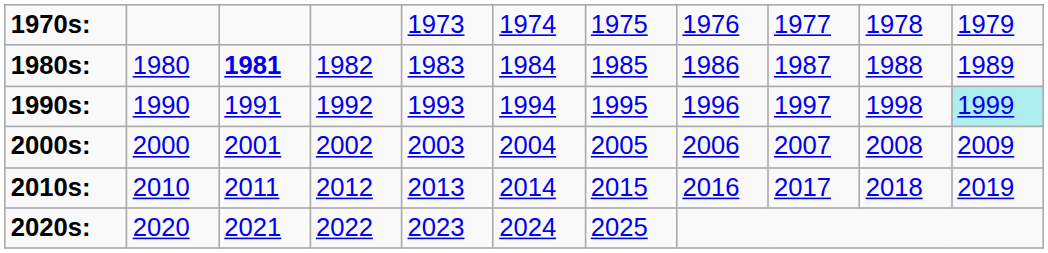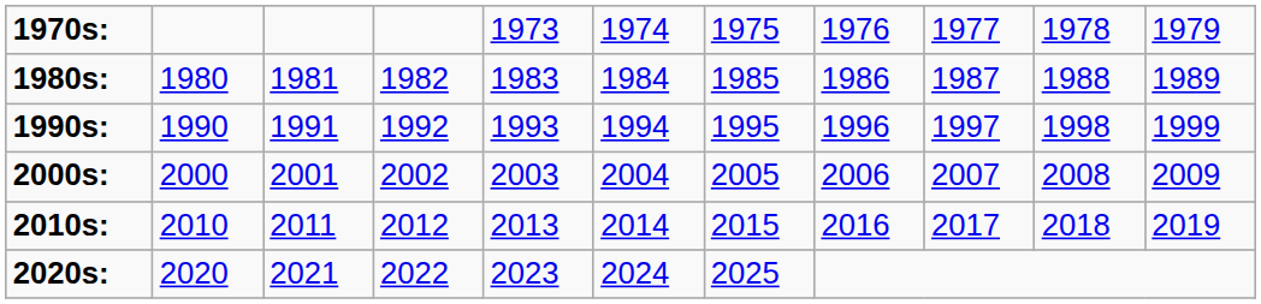 <table class="wikitable" style="width: 650px;">
 <tr>
 <td><strong>1970s:</strong></td>
 <td></td>
 <td></td>
 <td></td>
 <td><a href='#'>1973</a></td>
 <td><a href='#'>1974</a></td>
 <td><a href='#'>1975</a></td>
 <td><a href='#'>1976</a></td>
 <td><a href='#'>1977</a></td>
 <td><a href='#'>1978</a></td>
 <td><a href='#'>1979</a></td>
 </tr>
 <tr>
 <td><strong>1980s:</strong></td>
 <td><a href='#'>1980</a></td>
-<td><strong><a href='#'>1981</a></strong></td>
+<td><a href='#'>1981</a></td>
 <td><a href='#'>1982</a></td>
 <td><a href='#'>1983</a></td>
 <td><a href='#'>1984</a></td>
 <td><a href='#'>1985</a></td>
 <td><a href='#'>1986</a></td>
 <td><a href='#'>1987</a></td>
 <td><a href='#'>1988</a></td>
 <td><a href='#'>1989</a></td>
 </tr>
 <tr>
 <td><strong>1990s:</strong></td>
 <td><a href='#'>1990</a></td>
 <td><a href='#'>1991</a></td>
 <td><a href='#'>1992</a></td>
 <td><a href='#'>1993</a></td>
 <td><a href='#'>1994</a></td>
 <td><a href='#'>1995</a></td>
 <td><a href='#'>1996</a></td>
 <td><a href='#'>1997</a></td>
 <td><a href='#'>1998</a></td>
-<td style="background: paleturquoise;"><a href='#'>1999</a></td>
+<td><a href='#'>1999</a></td>
 </tr>
 <tr>
 <td><strong>2000s:</strong></td>
 <td><a href='#'>2000</a></td>
 <td><a href='#'>2001</a></td>
 <td><a href='#'>2002</a></td>
 <td><a href='#'>2003</a></td>
 <td><a href='#'>2004</a></td>
 <td><a href='#'>2005</a></td>
 <td><a href='#'>2006</a></td>
 <td><a href='#'>2007</a></td>
 <td><a href='#'>2008</a></td>
 <td><a href='#'>2009</a></td>
 </tr>
 <tr>
 <td><strong>2010s:</strong></td>
 <td><a href='#'>2010</a></td>
 <td><a href='#'>2011</a></td>
 <td><a href='#'>2012</a></td>
 <td><a href='#'>2013</a></td>
 <td><a href='#'>2014</a></td>
 <td><a href='#'>2015</a></td>
 <td><a href='#'>2016</a></td>
 <td><a href='#'>2017</a></td>
 <td><a href='#'>2018</a></td>
 <td><a href='#'>2019</a></td>
 </tr>
 <tr>
 <td><strong>2020s:</strong></td>
 <td><a href='#'>2020</a></td>
 <td><a href='#'>2021</a></td>
 <td><a href='#'>2022</a></td>
 <td><a href='#'>2023</a></td>
 <td><a href='#'>2024</a></td>
 <td><a href='#'>2025</a></td>
 </tr>
 </table>
